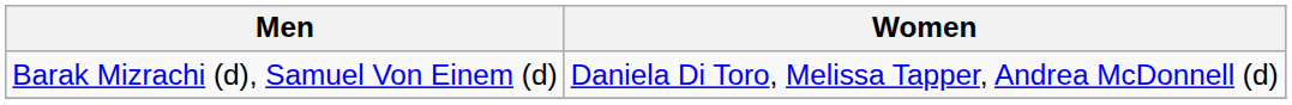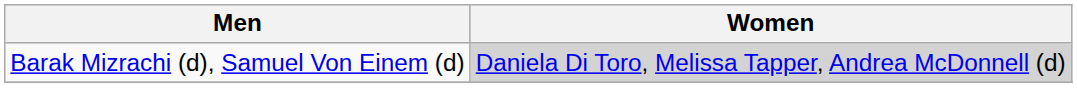 <table class="wikitable">
 <tr>
 <th>Men</th>
 <th>Women</th>
 </tr>
 <tr>
 <td><a href='#'>Barak Mizrachi</a> (d), <a href='#'>Samuel Von Einem</a> (d)</td>
-<td><a href='#'>Daniela Di Toro</a>, <a href='#'>Melissa Tapper</a>, <a href='#'>Andrea McDonnell</a> (d)</td>
+<td style="background: lightgrey;"><a href='#'>Daniela Di Toro</a>, <a href='#'>Melissa Tapper</a>, <a href='#'>Andrea McDonnell</a> (d)</td>
 </tr>
 <tr>
 </tr>
 </table>
